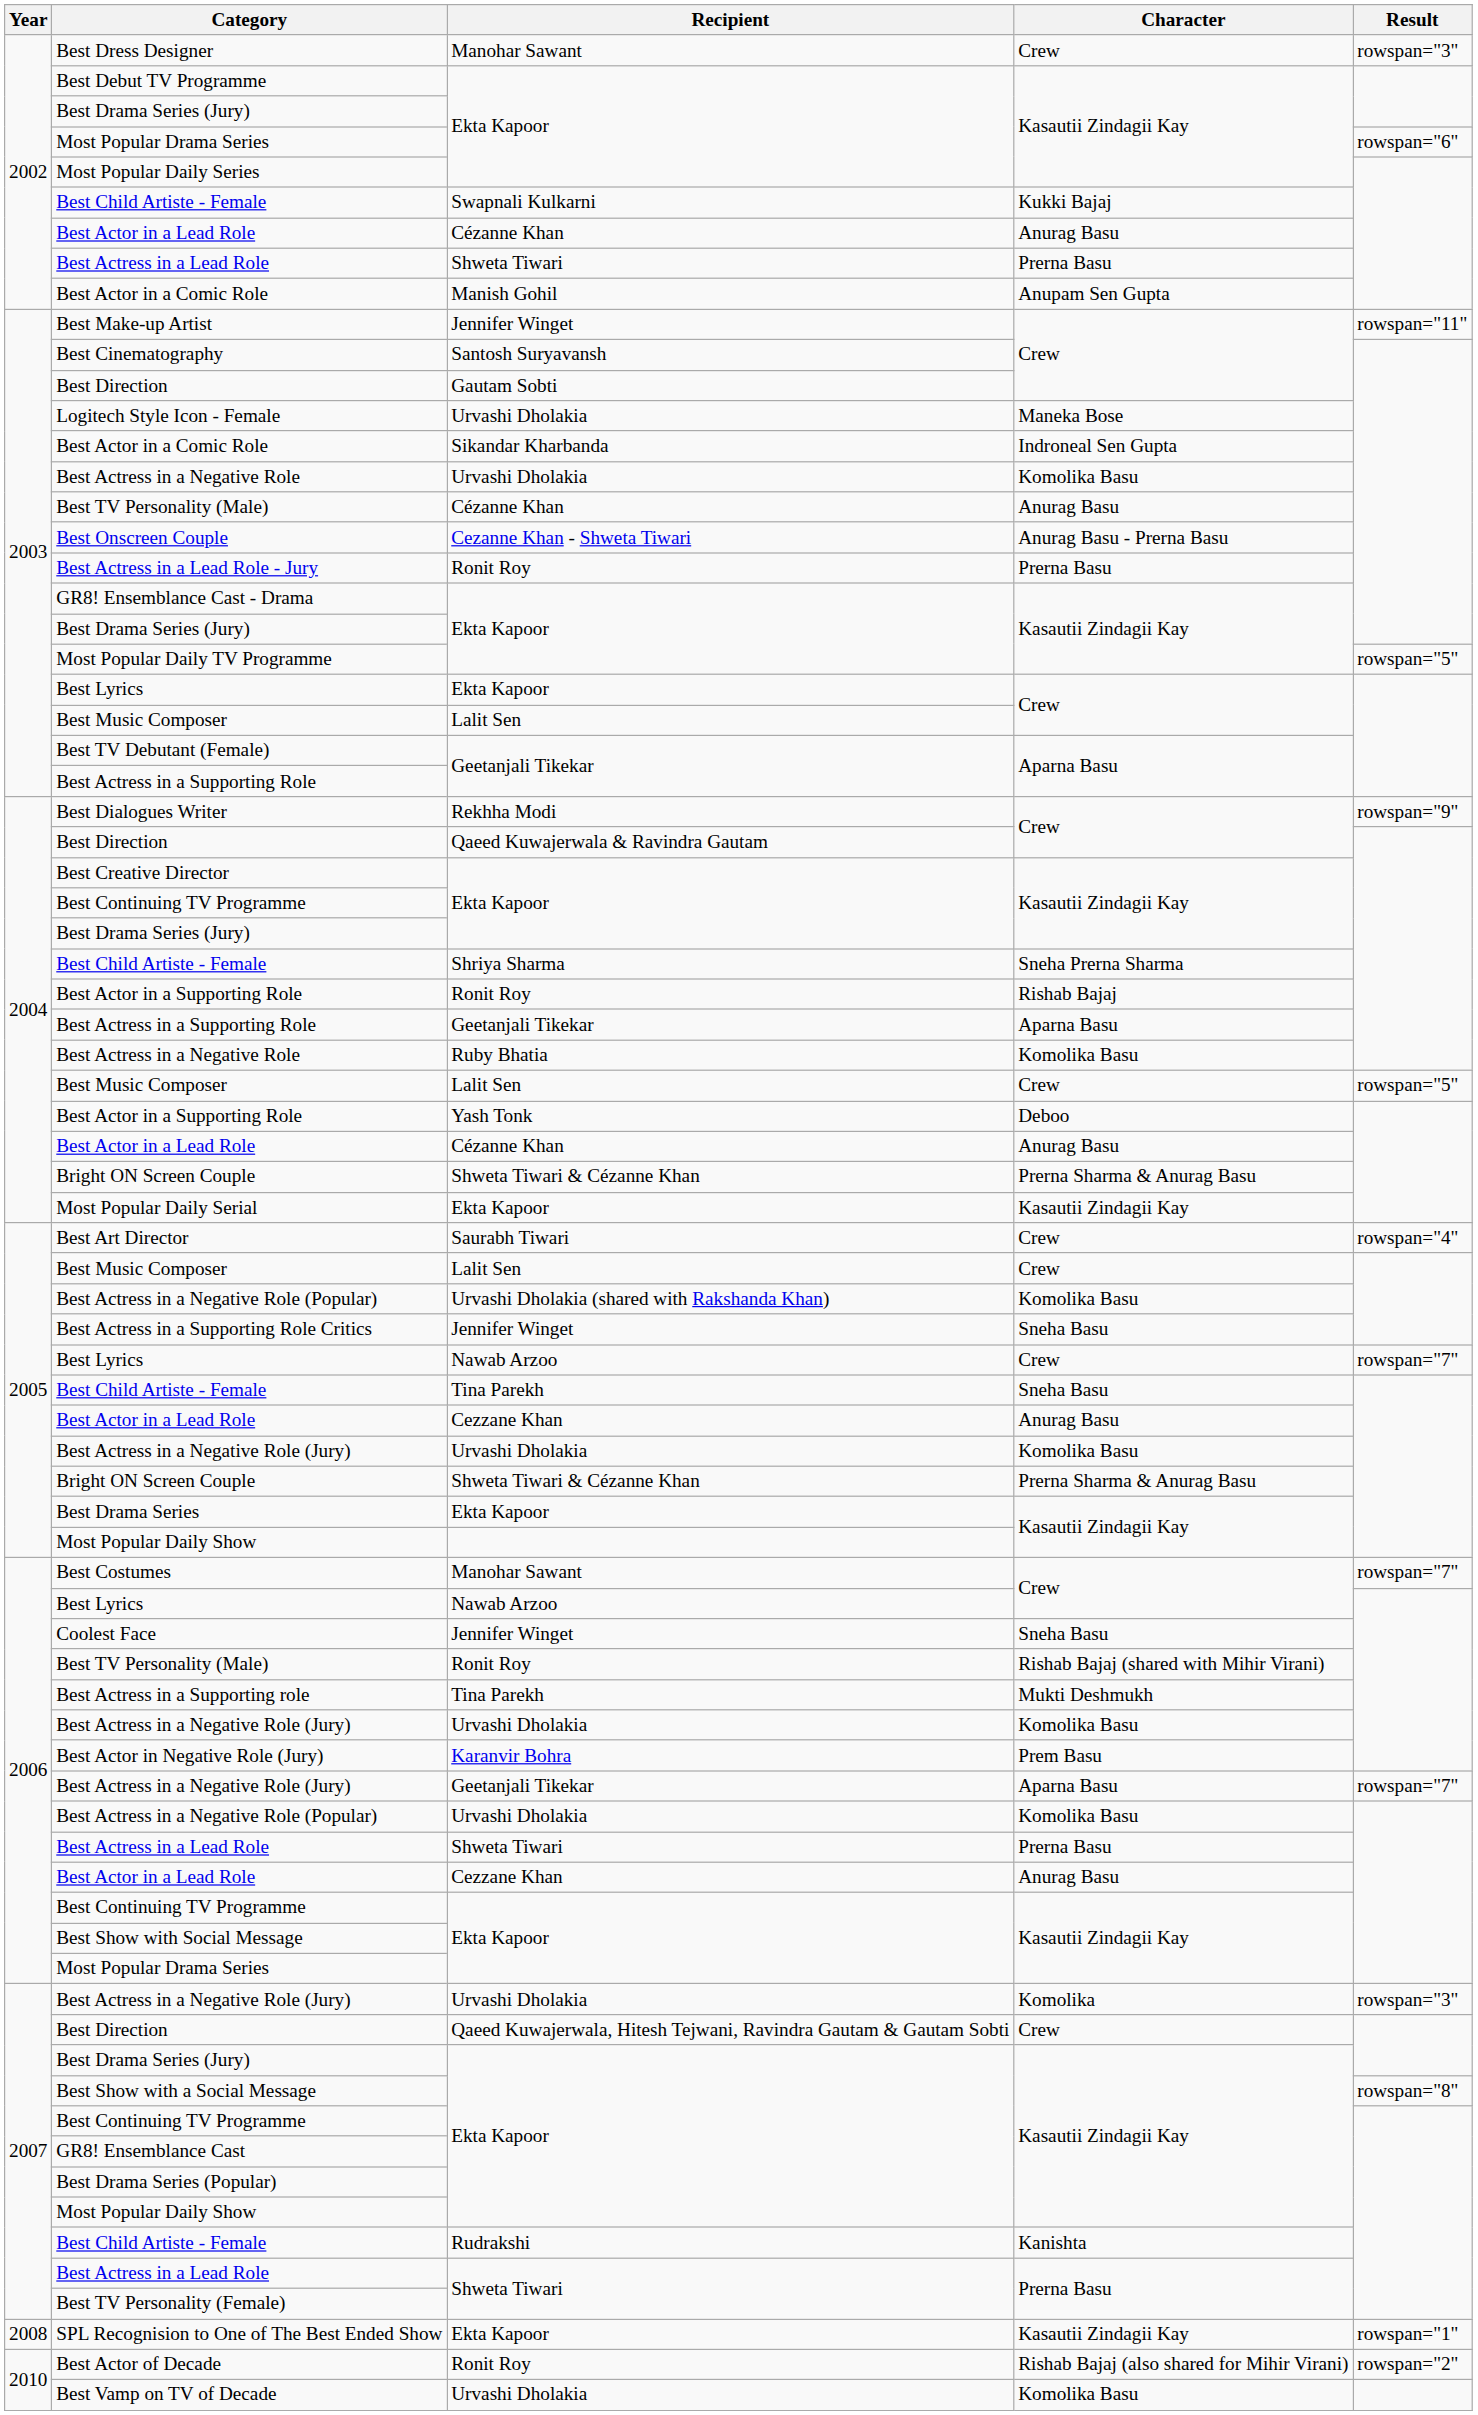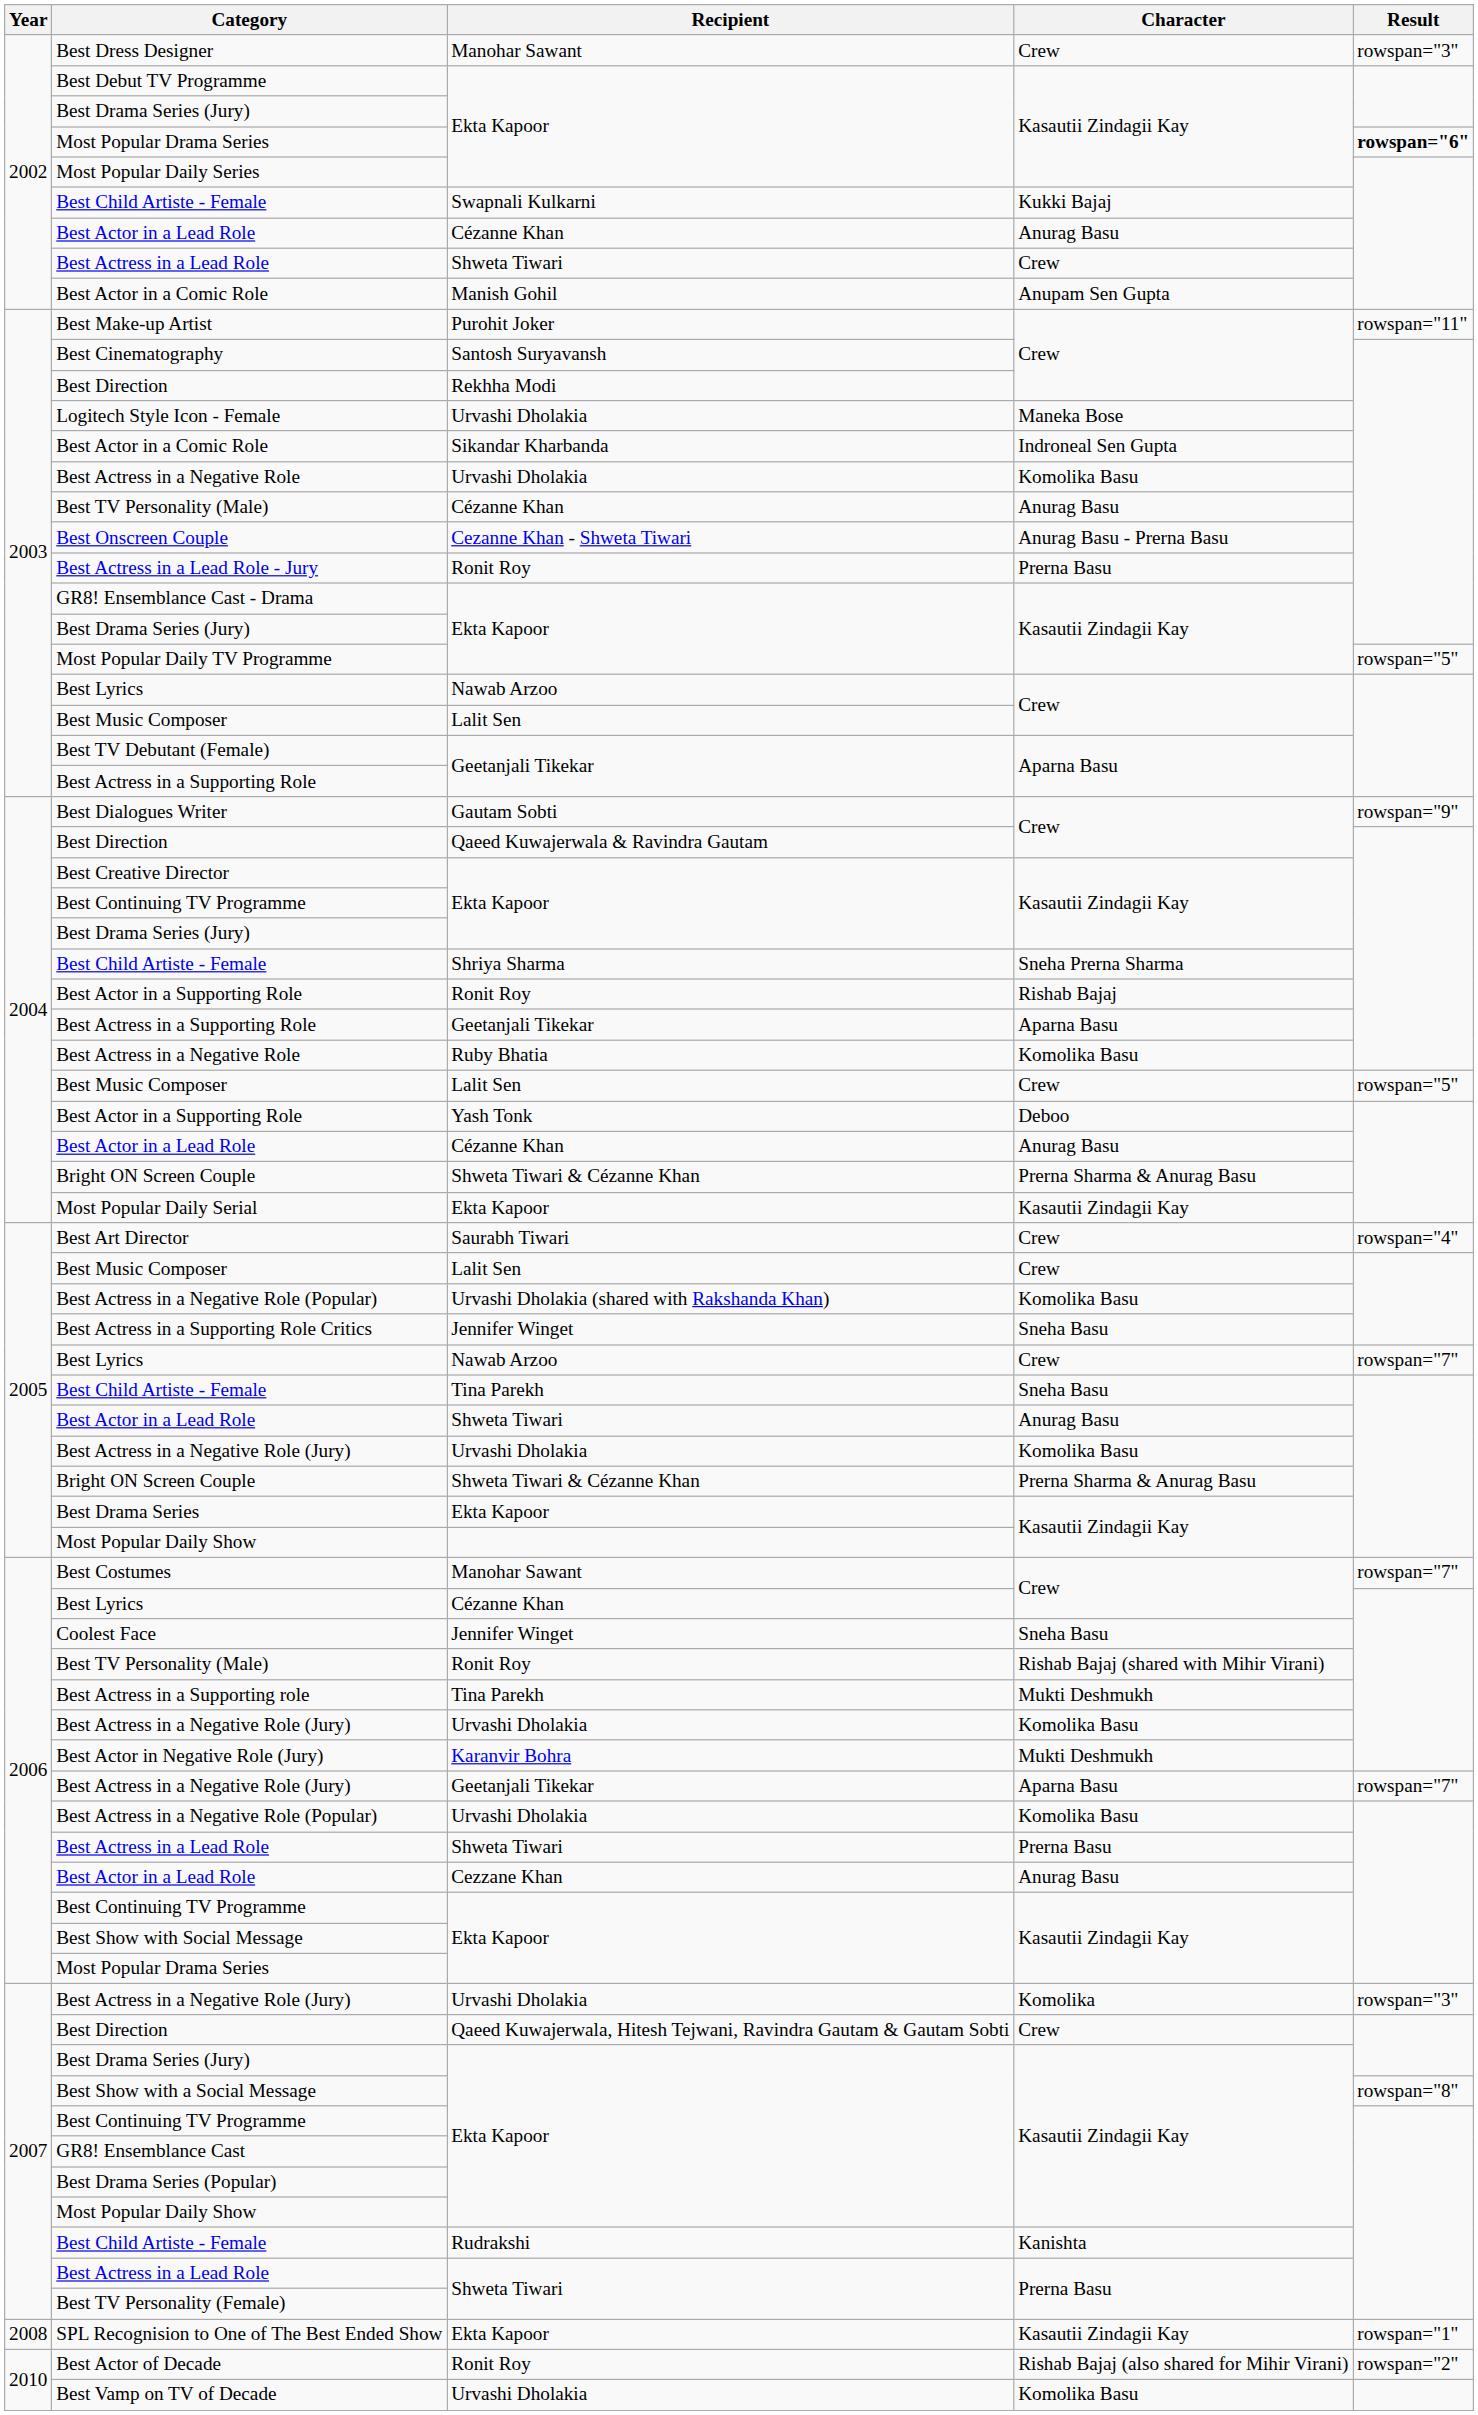 <table class="wikitable sortable">
 <tr>
 <th>Year</th>
 <th>Category</th>
 <th>Recipient</th>
 <th>Character</th>
 <th>Result</th>
 </tr>
 <tr>
 <td rowspan="9">2002</td>
 <td>Best Dress Designer</td>
 <td>Manohar Sawant</td>
 <td>Crew</td>
 <td>rowspan="3"  </td>
 </tr>
 <tr>
 <td>Best Debut TV Programme</td>
 <td rowspan="4">Ekta Kapoor</td>
 <td rowspan="4">Kasautii Zindagii Kay</td>
 </tr>
 <tr>
 <td>Best Drama Series (Jury)</td>
 </tr>
 <tr>
 <td>Most Popular Drama Series</td>
-<td>rowspan="6" </td>
+<td><strong>rowspan="6" </strong></td>
 </tr>
 <tr>
 <td>Most Popular Daily Series</td>
 </tr>
 <tr>
 <td><a href='#'>Best Child Artiste - Female</a></td>
 <td>Swapnali Kulkarni</td>
 <td>Kukki Bajaj</td>
 </tr>
 <tr>
 <td><a href='#'>Best Actor in  a Lead Role</a></td>
 <td>Cézanne Khan</td>
 <td>Anurag Basu</td>
 </tr>
 <tr>
 <td><a href='#'>Best Actress in a Lead Role</a></td>
 <td>Shweta Tiwari</td>
-<td>Prerna Basu</td>
+<td>Crew</td>
 </tr>
 <tr>
 <td>Best Actor in a Comic Role</td>
 <td>Manish Gohil</td>
 <td>Anupam Sen Gupta</td>
 </tr>
 <tr>
 <td rowspan="16">2003</td>
 <td>Best Make-up Artist</td>
-<td>Jennifer Winget</td>
+<td>Purohit Joker</td>
 <td rowspan="3">Crew</td>
 <td>rowspan="11"  </td>
 </tr>
 <tr>
 <td>Best Cinematography</td>
 <td>Santosh Suryavansh</td>
 </tr>
 <tr>
 <td>Best Direction</td>
-<td>Gautam Sobti</td>
+<td>Rekhha Modi</td>
 </tr>
 <tr>
 <td>Logitech Style Icon - Female</td>
 <td>Urvashi Dholakia</td>
 <td>Maneka Bose</td>
 </tr>
 <tr>
 <td>Best Actor in a Comic Role</td>
 <td>Sikandar Kharbanda</td>
 <td>Indroneal Sen Gupta</td>
 </tr>
 <tr>
 <td>Best Actress in a Negative Role</td>
 <td>Urvashi Dholakia</td>
 <td>Komolika Basu</td>
 </tr>
 <tr>
 <td>Best TV Personality (Male)</td>
 <td>Cézanne Khan</td>
 <td>Anurag Basu</td>
 </tr>
 <tr>
 <td><a href='#'>Best Onscreen Couple</a></td>
 <td><a href='#'>Cezanne Khan</a> - <a href='#'>Shweta Tiwari</a></td>
 <td>Anurag Basu - Prerna Basu</td>
 </tr>
 <tr>
 <td><a href='#'>Best Actress in a Lead Role - Jury</a></td>
 <td>Ronit Roy</td>
 <td>Prerna Basu</td>
 </tr>
 <tr>
 <td>GR8! Ensemblance Cast - Drama</td>
 <td rowspan="3">Ekta Kapoor</td>
 <td rowspan="3">Kasautii Zindagii Kay</td>
 </tr>
 <tr>
 <td>Best Drama Series (Jury)</td>
 </tr>
 <tr>
 <td>Most Popular Daily TV Programme</td>
 <td>rowspan="5" </td>
 </tr>
 <tr>
 <td>Best Lyrics</td>
-<td>Ekta Kapoor</td>
+<td>Nawab Arzoo</td>
 <td rowspan="2">Crew</td>
 </tr>
 <tr>
 <td>Best Music Composer</td>
 <td>Lalit Sen</td>
 </tr>
 <tr>
 <td>Best TV Debutant (Female)</td>
 <td rowspan="2">Geetanjali Tikekar</td>
 <td rowspan="2">Aparna Basu</td>
 </tr>
 <tr>
 <td>Best Actress in a Supporting Role</td>
 </tr>
 <tr>
 <td rowspan="14">2004</td>
 <td>Best Dialogues Writer</td>
-<td>Rekhha Modi</td>
+<td>Gautam Sobti</td>
 <td rowspan="2">Crew</td>
 <td>rowspan="9"  </td>
 </tr>
 <tr>
 <td>Best Direction</td>
 <td>Qaeed Kuwajerwala & Ravindra Gautam</td>
 </tr>
 <tr>
 <td>Best Creative Director</td>
 <td rowspan="3">Ekta Kapoor</td>
 <td rowspan="3">Kasautii Zindagii Kay</td>
 </tr>
 <tr>
 <td>Best Continuing TV Programme</td>
 </tr>
 <tr>
 <td>Best Drama Series (Jury)</td>
 </tr>
 <tr>
 <td><a href='#'>Best Child Artiste - Female</a></td>
 <td>Shriya Sharma</td>
 <td>Sneha Prerna Sharma</td>
 </tr>
 <tr>
 <td>Best Actor in a Supporting Role</td>
 <td>Ronit Roy</td>
 <td>Rishab Bajaj</td>
 </tr>
 <tr>
 <td>Best Actress in a Supporting Role</td>
 <td>Geetanjali Tikekar</td>
 <td>Aparna Basu</td>
 </tr>
 <tr>
 <td>Best Actress in a Negative Role</td>
 <td>Ruby Bhatia</td>
 <td>Komolika Basu</td>
 </tr>
 <tr>
 <td>Best Music Composer</td>
 <td>Lalit Sen</td>
 <td>Crew</td>
 <td>rowspan="5" </td>
 </tr>
 <tr>
 <td>Best Actor in a Supporting Role</td>
 <td>Yash Tonk</td>
 <td>Deboo</td>
 </tr>
 <tr>
 <td><a href='#'>Best Actor in  a Lead Role</a></td>
 <td>Cézanne Khan</td>
 <td>Anurag Basu</td>
 </tr>
 <tr>
 <td>Bright ON Screen Couple</td>
 <td>Shweta Tiwari & Cézanne Khan</td>
 <td>Prerna Sharma & Anurag Basu</td>
 </tr>
 <tr>
 <td>Most Popular Daily Serial</td>
 <td>Ekta Kapoor</td>
 <td>Kasautii Zindagii Kay</td>
 </tr>
 <tr>
 <td rowspan="11">2005</td>
 <td>Best Art Director</td>
 <td>Saurabh Tiwari</td>
 <td>Crew</td>
 <td>rowspan="4"  </td>
 </tr>
 <tr>
 <td>Best Music Composer</td>
 <td>Lalit Sen</td>
 <td>Crew</td>
 </tr>
 <tr>
 <td>Best Actress in a Negative Role (Popular)</td>
 <td>Urvashi Dholakia (shared with <a href='#'>Rakshanda Khan</a>)</td>
 <td>Komolika Basu</td>
 </tr>
 <tr>
 <td>Best Actress in a Supporting Role Critics</td>
 <td>Jennifer Winget</td>
 <td>Sneha Basu</td>
 </tr>
 <tr>
 <td>Best Lyrics</td>
 <td>Nawab Arzoo</td>
 <td>Crew</td>
 <td>rowspan="7" </td>
 </tr>
 <tr>
 <td><a href='#'>Best Child Artiste - Female</a></td>
 <td>Tina Parekh</td>
 <td>Sneha Basu</td>
 </tr>
 <tr>
 <td><a href='#'>Best Actor in  a Lead Role</a></td>
-<td>Cezzane Khan</td>
+<td>Shweta Tiwari</td>
 <td>Anurag Basu</td>
 </tr>
 <tr>
 <td>Best Actress in a Negative Role (Jury)</td>
 <td>Urvashi Dholakia</td>
 <td>Komolika Basu</td>
 </tr>
 <tr>
 <td>Bright ON Screen Couple</td>
 <td>Shweta Tiwari & Cézanne Khan</td>
 <td>Prerna Sharma & Anurag Basu</td>
 </tr>
 <tr>
 <td>Best Drama Series</td>
 <td rowpsan="2">Ekta Kapoor</td>
 <td rowspan="2">Kasautii Zindagii Kay</td>
 </tr>
 <tr>
 <td>Most Popular Daily Show</td>
 </tr>
 <tr>
 <td rowspan="14">2006</td>
 <td>Best Costumes</td>
 <td>Manohar Sawant</td>
 <td rowspan="2">Crew</td>
 <td>rowspan="7"   </td>
 </tr>
 <tr>
 <td>Best Lyrics</td>
-<td>Nawab Arzoo</td>
+<td>Cézanne Khan</td>
 </tr>
 <tr>
 <td>Coolest Face</td>
 <td>Jennifer Winget</td>
 <td>Sneha Basu</td>
 </tr>
 <tr>
 <td>Best TV Personality (Male)</td>
 <td>Ronit Roy</td>
 <td>Rishab Bajaj (shared with Mihir Virani)</td>
 </tr>
 <tr>
 <td>Best Actress in a Supporting role</td>
 <td>Tina Parekh</td>
 <td>Mukti Deshmukh</td>
 </tr>
 <tr>
 <td>Best Actress in a Negative Role (Jury)</td>
 <td>Urvashi Dholakia</td>
 <td>Komolika Basu</td>
 </tr>
 <tr>
 <td>Best Actor in Negative Role (Jury)</td>
 <td><a href='#'>Karanvir Bohra</a></td>
-<td>Prem Basu</td>
+<td>Mukti Deshmukh</td>
 </tr>
 <tr>
 <td>Best Actress in a Negative Role (Jury)</td>
 <td>Geetanjali Tikekar</td>
 <td>Aparna Basu</td>
 <td>rowspan="7" </td>
 </tr>
 <tr>
 <td>Best Actress in a Negative Role (Popular)</td>
 <td>Urvashi Dholakia</td>
 <td>Komolika Basu</td>
 </tr>
 <tr>
 <td><a href='#'>Best Actress in a Lead Role</a></td>
 <td>Shweta Tiwari</td>
 <td>Prerna Basu</td>
 </tr>
 <tr>
 <td><a href='#'>Best Actor in  a Lead Role</a></td>
 <td>Cezzane Khan</td>
 <td>Anurag Basu</td>
 </tr>
 <tr>
 <td>Best Continuing TV Programme</td>
 <td rowspan="3">Ekta Kapoor</td>
 <td rowspan="3">Kasautii Zindagii Kay</td>
 </tr>
 <tr>
 <td>Best Show with Social Message</td>
 </tr>
 <tr>
 <td>Most Popular Drama Series</td>
 </tr>
 <tr>
 <td rowspan="11">2007</td>
 <td>Best Actress in a Negative Role (Jury)</td>
 <td>Urvashi Dholakia</td>
 <td>Komolika</td>
 <td>rowspan="3"  </td>
 </tr>
 <tr>
 <td>Best Direction</td>
 <td>Qaeed Kuwajerwala, Hitesh Tejwani, Ravindra Gautam & Gautam Sobti</td>
 <td>Crew</td>
 </tr>
 <tr>
 <td>Best Drama Series (Jury)</td>
 <td rowspan="6">Ekta Kapoor</td>
 <td rowspan="6">Kasautii Zindagii Kay</td>
 </tr>
 <tr>
 <td>Best Show with a Social Message</td>
 <td>rowspan="8" </td>
 </tr>
 <tr>
 <td>Best Continuing TV Programme</td>
 </tr>
 <tr>
 <td>GR8! Ensemblance Cast</td>
 </tr>
 <tr>
 <td>Best Drama Series (Popular)</td>
 </tr>
 <tr>
 <td>Most Popular Daily Show</td>
 </tr>
 <tr>
 <td><a href='#'>Best Child Artiste - Female</a></td>
 <td>Rudrakshi</td>
 <td>Kanishta</td>
 </tr>
 <tr>
 <td><a href='#'>Best Actress in a Lead Role</a></td>
 <td rowspan="2">Shweta Tiwari</td>
 <td rowspan="2">Prerna Basu</td>
 </tr>
 <tr>
 <td>Best TV Personality (Female)</td>
 </tr>
 <tr>
 <td>2008</td>
 <td>SPL Recognision to One of The Best Ended Show</td>
 <td>Ekta Kapoor</td>
 <td>Kasautii Zindagii Kay</td>
 <td>rowspan="1"  </td>
 </tr>
 <tr>
 <td rowspan="2">2010</td>
 <td>Best Actor of Decade</td>
 <td>Ronit Roy</td>
 <td>Rishab Bajaj (also shared for Mihir Virani)</td>
 <td>rowspan="2"  </td>
 </tr>
 <tr>
 <td>Best Vamp on TV of Decade</td>
 <td>Urvashi Dholakia</td>
 <td>Komolika Basu</td>
 </tr>
 </table>
